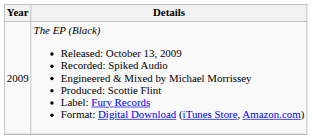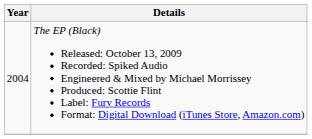 <table class="wikitable" border="1">
 <tr>
 <th>Year</th>
 <th>Details</th>
 </tr>
 <tr>
-<td>2009</td>
+<td>2004</td>
 <td><em>The EP (Black)</em><br><ul><li>Released: October 13, 2009</li><li>Recorded:  Spiked Audio</li><li>Engineered & Mixed by Michael Morrissey</li><li>Produced:  Scottie Flint</li><li>Label: <a href='#'>Fury Records</a></li><li>Format: <a href='#'>Digital Download</a> (<a href='#'>iTunes Store</a>, <a href='#'>Amazon.com</a>)</li></ul></td>
 </tr>
 <tr>
 </tr>
 </table>
